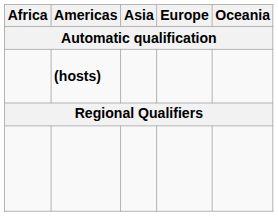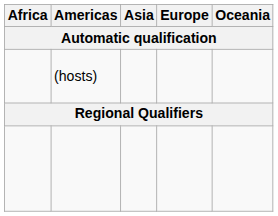 <table Class = "wikitable">
 <tr>
 <th>Africa</th>
 <th>Americas</th>
 <th>Asia</th>
 <th>Europe</th>
 <th>Oceania</th>
 </tr>
 <tr>
 <th colspan=6>Automatic qualification</th>
 </tr>
 <tr>
 <td></td>
-<td><strong> (hosts)</strong></td>
+<td> (hosts)</td>
 <td></td>
 <td><br></td>
 <td><br><br><br></td>
 </tr>
 <tr>
 <th colspan=6>Regional Qualifiers</th>
 </tr>
 <tr>
 <td><br></td>
 <td><br><br></td>
 <td><br><br></td>
 <td><br><br><br><br><br></td>
 <td></td>
 </tr>
 </table>
